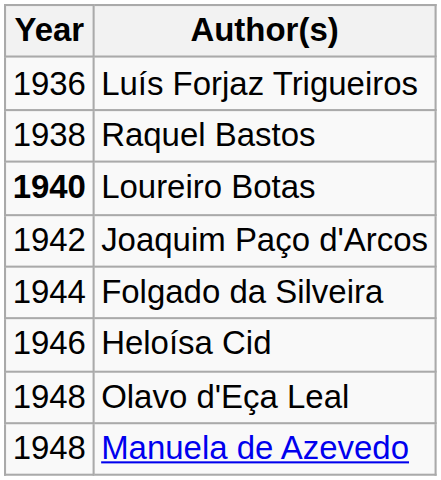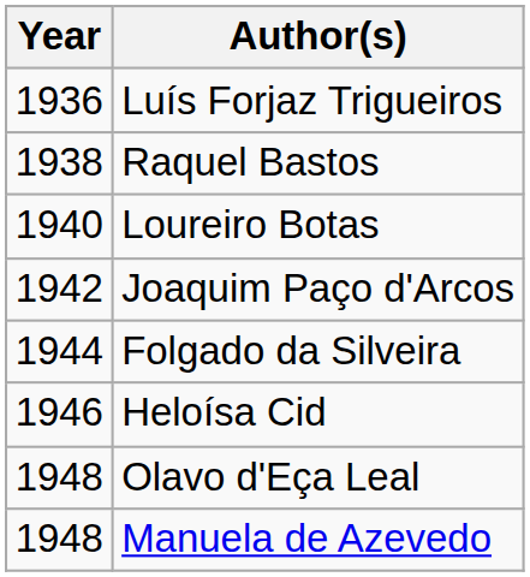 <table class="wikitable sortable mw-collapsible mw-collapsed">
 <tr>
 <th>Year</th>
 <th>Author(s)</th>
 </tr>
 <tr>
 <td>1936</td>
 <td>Luís Forjaz Trigueiros</td>
 </tr>
 <tr>
 <td>1938</td>
 <td>Raquel Bastos</td>
 </tr>
 <tr>
-<td><strong>1940</strong></td>
+<td>1940</td>
 <td>Loureiro Botas</td>
 </tr>
 <tr>
 <td>1942</td>
 <td>Joaquim Paço d'Arcos</td>
 </tr>
 <tr>
 <td>1944</td>
 <td>Folgado da Silveira</td>
 </tr>
 <tr>
 <td>1946</td>
 <td>Heloísa Cid</td>
 </tr>
 <tr>
 <td>1948</td>
 <td>Olavo d'Eça Leal</td>
 </tr>
 <tr>
 <td>1948</td>
 <td><a href='#'>Manuela de Azevedo</a></td>
 </tr>
 </table>
